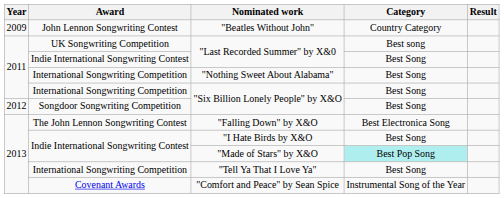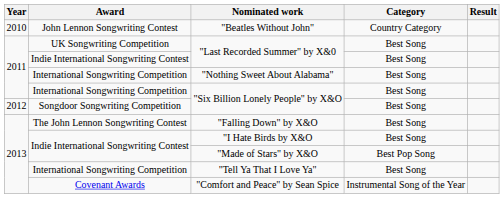 <table class="wikitable" style="text-align: center;">
 <tr>
 <th>Year</th>
 <th>Award</th>
 <th>Nominated work</th>
 <th>Category</th>
 <th>Result</th>
 </tr>
 <tr>
-<td>2009</td>
+<td>2010</td>
 <td>John Lennon Songwriting Contest</td>
 <td>"Beatles Without John"</td>
 <td>Country Category</td>
 <td></td>
 </tr>
 <tr>
 <td rowspan="4">2011</td>
 <td>UK Songwriting Competition</td>
 <td rowspan="2">"Last Recorded Summer" by X&0</td>
-<td>Best song</td>
+<td>Best Song</td>
 <td></td>
 </tr>
 <tr>
 <td>Indie International Songwriting Contest</td>
 <td>Best Song</td>
 <td></td>
 </tr>
 <tr>
 <td>International Songwriting Competition</td>
 <td>"Nothing Sweet About Alabama"</td>
 <td>Best Song</td>
 <td></td>
 </tr>
 <tr>
 <td>International Songwriting Competition</td>
 <td rowspan="2">"Six Billion Lonely People" by X&O</td>
 <td>Best Song</td>
 <td></td>
 </tr>
 <tr>
 <td>2012</td>
 <td>Songdoor Songwriting Competition</td>
 <td>Best Song</td>
 <td></td>
 </tr>
 <tr>
 <td rowspan = "5">2013</td>
 <td>The John Lennon Songwriting Contest</td>
 <td>"Falling Down" by X&O</td>
-<td>Best Electronica Song</td>
+<td>Best Song</td>
 <td></td>
 </tr>
 <tr>
 <td rowspan="2">Indie International Songwriting Contest</td>
 <td>"I Hate Birds by X&O</td>
 <td>Best Song</td>
 <td></td>
 </tr>
 <tr>
 <td>"Made of Stars" by X&O</td>
-<td style="background: paleturquoise;">Best Pop Song</td>
+<td>Best Pop Song</td>
 <td></td>
 </tr>
 <tr>
 <td>International Songwriting Competition</td>
 <td>"Tell Ya That I Love Ya"</td>
 <td>Best Song</td>
 <td></td>
 </tr>
 <tr>
 <td><a href='#'>Covenant Awards</a></td>
 <td>"Comfort and Peace" by Sean Spice</td>
 <td>Instrumental Song of the Year</td>
 <td></td>
 </tr>
 </table>
